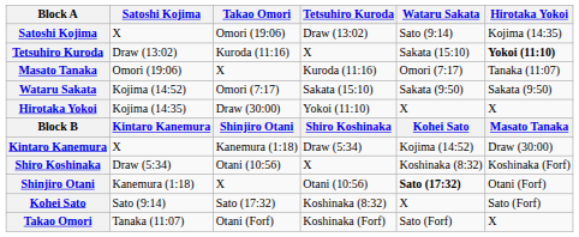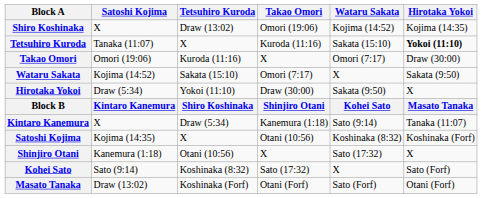 <table class="wikitable" style="margin: 1em auto 1em auto">
 <tr>
 <th>Block A</th>
 <th><a href='#'>Satoshi Kojima</a></th>
+<th><a href='#'>Tetsuhiro Kuroda</a></th>
 <th><a href='#'>Takao Omori</a></th>
-<th><a href='#'>Tetsuhiro Kuroda</a></th>
 <th><a href='#'>Wataru Sakata</a></th>
 <th><a href='#'>Hirotaka Yokoi</a></th>
 </tr>
 <tr>
-<th><a href='#'>Satoshi Kojima</a></th>
+<th><a href='#'>Shiro Koshinaka</a></th>
 <td>X</td>
+<td>Draw (13:02)</td>
 <td>Omori (19:06)</td>
-<td>Draw (13:02)</td>
-<td>Sato (9:14)</td>
+<td>Kojima (14:52)</td>
 <td>Kojima (14:35)</td>
 </tr>
 <tr>
 <th><a href='#'>Tetsuhiro Kuroda</a></th>
-<td>Draw (13:02)</td>
+<td>Tanaka (11:07)</td>
+<td>X</td>
 <td>Kuroda (11:16)</td>
-<td>X</td>
 <td>Sakata (15:10)</td>
 <td><strong>Yokoi (11:10)</strong></td>
 </tr>
 <tr>
-<th><a href='#'>Masato Tanaka</a></th>
+<th><a href='#'>Takao Omori</a></th>
 <td>Omori (19:06)</td>
+<td>Kuroda (11:16)</td>
 <td>X</td>
-<td>Kuroda (11:16)</td>
 <td>Omori (7:17)</td>
-<td>Tanaka (11:07)</td>
+<td>Draw (30:00)</td>
 </tr>
 <tr>
 <th><a href='#'>Wataru Sakata</a></th>
 <td>Kojima (14:52)</td>
+<td>Sakata (15:10)</td>
 <td>Omori (7:17)</td>
-<td>Sakata (15:10)</td>
-<td>Sakata (9:50)</td>
+<td>X</td>
 <td>Sakata (9:50)</td>
 </tr>
 <tr>
 <th><a href='#'>Hirotaka Yokoi</a></th>
-<td>Kojima (14:35)</td>
+<td>Draw (5:34)</td>
+<td>Yokoi (11:10)</td>
 <td>Draw (30:00)</td>
-<td>Yokoi (11:10)</td>
-<td>X</td>
+<td>Sakata (9:50)</td>
 <td>X</td>
 </tr>
 <tr>
 <th>Block B</th>
 <th><a href='#'>Kintaro Kanemura</a></th>
+<th><a href='#'>Shiro Koshinaka</a></th>
 <th><a href='#'>Shinjiro Otani</a></th>
-<th><a href='#'>Shiro Koshinaka</a></th>
 <th><a href='#'>Kohei Sato</a></th>
 <th><a href='#'>Masato Tanaka</a></th>
 </tr>
 <tr>
 <th><a href='#'>Kintaro Kanemura</a></th>
 <td>X</td>
+<td>Draw (5:34)</td>
 <td>Kanemura (1:18)</td>
-<td>Draw (5:34)</td>
-<td>Kojima (14:52)</td>
-<td>Draw (30:00)</td>
+<td>Sato (9:14)</td>
+<td>Tanaka (11:07)</td>
 </tr>
 <tr>
-<th><a href='#'>Shiro Koshinaka</a></th>
-<td>Draw (5:34)</td>
+<th><a href='#'>Satoshi Kojima</a></th>
+<td>Kojima (14:35)</td>
+<td>X</td>
 <td>Otani (10:56)</td>
-<td>X</td>
 <td>Koshinaka (8:32)</td>
 <td>Koshinaka (Forf)</td>
 </tr>
 <tr>
 <th><a href='#'>Shinjiro Otani</a></th>
 <td>Kanemura (1:18)</td>
+<td>Otani (10:56)</td>
 <td>X</td>
-<td>Otani (10:56)</td>
-<td><strong>Sato (17:32)</strong></td>
-<td>Otani (Forf)</td>
+<td>Sato (17:32)</td>
+<td>X</td>
 </tr>
 <tr>
 <th><a href='#'>Kohei Sato</a></th>
 <td>Sato (9:14)</td>
+<td>Koshinaka (8:32)</td>
 <td>Sato (17:32)</td>
-<td>Koshinaka (8:32)</td>
 <td>X</td>
 <td>Sato (Forf)</td>
 </tr>
 <tr>
-<th><a href='#'>Takao Omori</a></th>
-<td>Tanaka (11:07)</td>
+<th><a href='#'>Masato Tanaka</a></th>
+<td>Draw (13:02)</td>
+<td>Koshinaka (Forf)</td>
 <td>Otani (Forf)</td>
-<td>Koshinaka (Forf)</td>
 <td>Sato (Forf)</td>
-<td>X</td>
+<td>Otani (Forf)</td>
 </tr>
 </table>
